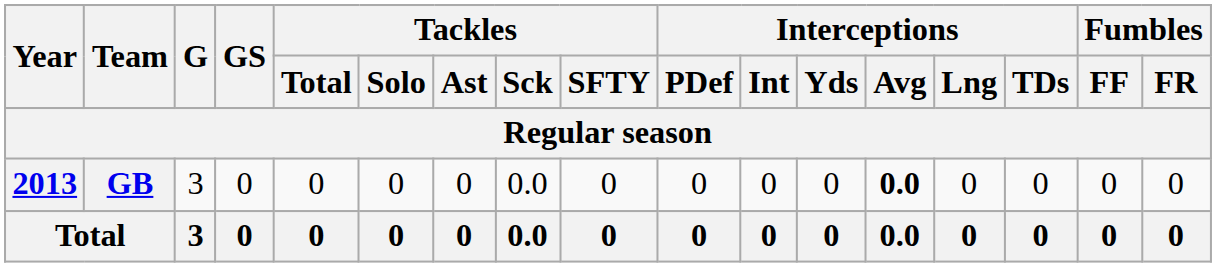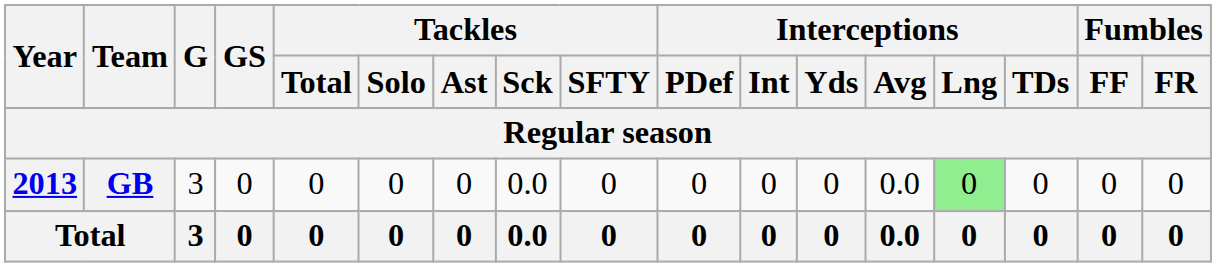 <table class="wikitable" style="text-align: center;">
 <tr>
 <th rowspan=2>Year</th>
 <th rowspan=2>Team</th>
 <th rowspan=2>G</th>
 <th rowspan=2>GS</th>
 <th colspan=5>Tackles</th>
 <th colspan=6>Interceptions</th>
 <th colspan=2>Fumbles</th>
 </tr>
 <tr>
 <th>Total</th>
 <th>Solo</th>
 <th>Ast</th>
 <th>Sck</th>
 <th>SFTY</th>
 <th>PDef</th>
 <th>Int</th>
 <th>Yds</th>
 <th>Avg</th>
 <th>Lng</th>
 <th>TDs</th>
 <th>FF</th>
 <th>FR</th>
 </tr>
 <tr>
 <th colspan=17><strong>Regular season</strong></th>
 </tr>
 <tr>
 <th><a href='#'>2013</a></th>
 <th><a href='#'>GB</a></th>
 <td>3</td>
 <td>0</td>
 <td>0</td>
 <td>0</td>
 <td>0</td>
 <td>0.0</td>
 <td>0</td>
 <td>0</td>
 <td>0</td>
 <td>0</td>
-<td><strong>0.0</strong></td>
-<td>0</td>
+<td>0.0</td>
+<td style="background: lightgreen;">0</td>
 <td>0</td>
 <td>0</td>
 <td>0</td>
 </tr>
 <tr>
 <th colspan=2>Total</th>
 <th>3</th>
 <th>0</th>
 <th>0</th>
 <th>0</th>
 <th>0</th>
 <th>0.0</th>
 <th>0</th>
 <th>0</th>
 <th>0</th>
 <th>0</th>
 <th>0.0</th>
 <th>0</th>
 <th>0</th>
 <th>0</th>
 <th>0</th>
 </tr>
 </table>
